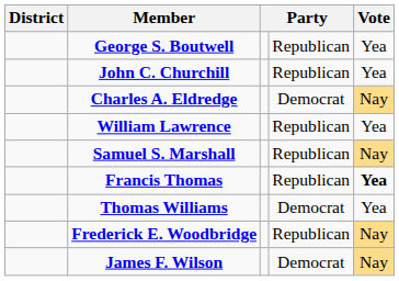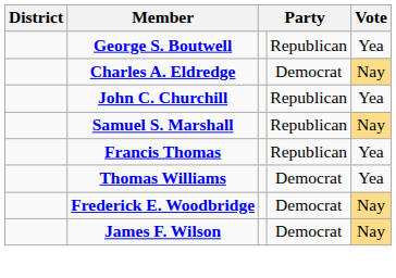 <table class="wikitable sortable" style="text-align:center;">
 <tr>
 <th>District</th>
 <th>Member</th>
 <th colspan=2>Party</th>
 <th>Vote</th>
 </tr>
 <tr>
 <td></td>
 <td data-sort-value="Boutwell, George S."><strong><a href='#'>George S. Boutwell</a></strong></td>
 <td style="background-color:"></td>
 <td>Republican</td>
 <td>Yea</td>
 </tr>
 <tr>
 <td></td>
-<td data-sort-value="Churchill, John C."><strong><a href='#'>John C. Churchill</a></strong></td>
-<td style="background-color:"></td>
-<td>Republican</td>
-<td>Yea</td>
-</tr>
-<tr>
-<td></td>
 <td data-sort-value="Edredge, Charles A."><strong><a href='#'>Charles A. Eldredge</a></strong></td>
 <td style="background-color:"></td>
 <td>Democrat</td>
 <td style="background:#ffdd88">Nay</td>
 </tr>
 <tr>
 <td></td>
-<td data-sort-value="Lawrence, William"><strong><a href='#'>William Lawrence</a></strong></td>
+<td data-sort-value="Churchill, John C."><strong><a href='#'>John C. Churchill</a></strong></td>
 <td style="background-color:"></td>
 <td>Republican</td>
 <td>Yea</td>
 </tr>
 <tr>
 <td></td>
 <td data-sort-value="Marshall, Samuel S."><strong><a href='#'>Samuel S. Marshall</a></strong></td>
 <td style="background-color:"></td>
 <td>Republican</td>
 <td style="background:#ffdd88">Nay</td>
 </tr>
 <tr>
 <td></td>
 <td data-sort-value="Thomas, Francis"><strong><a href='#'>Francis Thomas</a></strong></td>
 <td style="background-color:"></td>
 <td>Republican</td>
-<td><strong>Yea</strong></td>
+<td>Yea</td>
 </tr>
 <tr>
 <td></td>
 <td data-sort-value="Williams, Thomas"><strong><a href='#'>Thomas Williams</a></strong></td>
 <td style="background-color:"></td>
 <td>Democrat</td>
 <td>Yea</td>
 </tr>
 <tr>
 <td></td>
 <td data-sort-value="Woodbridge, Frederick E."><strong><a href='#'>Frederick E. Woodbridge</a></strong></td>
 <td style="background-color:"></td>
-<td>Republican</td>
+<td>Democrat</td>
 <td style="background:#ffdd88">Nay</td>
 </tr>
 <tr>
 <td></td>
 <td data-sort-value="Wilson, James F."><strong><a href='#'>James F. Wilson</a></strong></td>
 <td style="background-color:"></td>
 <td>Democrat</td>
 <td style="background:#ffdd88">Nay</td>
 </tr>
 </table>
